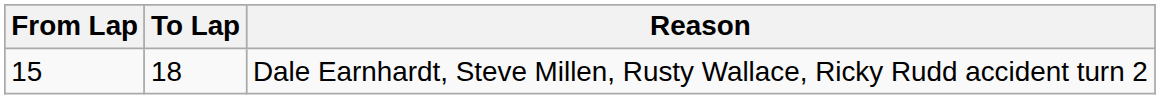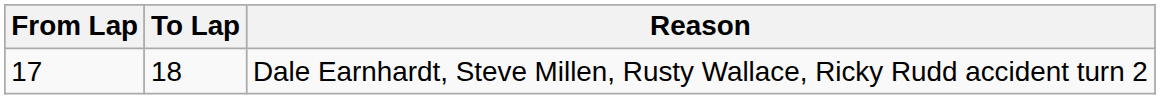 <table class="wikitable">
 <tr>
 <th>From Lap</th>
 <th>To Lap</th>
 <th>Reason</th>
 </tr>
 <tr>
-<td>15</td>
+<td>17</td>
 <td>18</td>
 <td>Dale Earnhardt, Steve Millen, Rusty Wallace, Ricky Rudd accident turn 2</td>
 </tr>
 </table>
